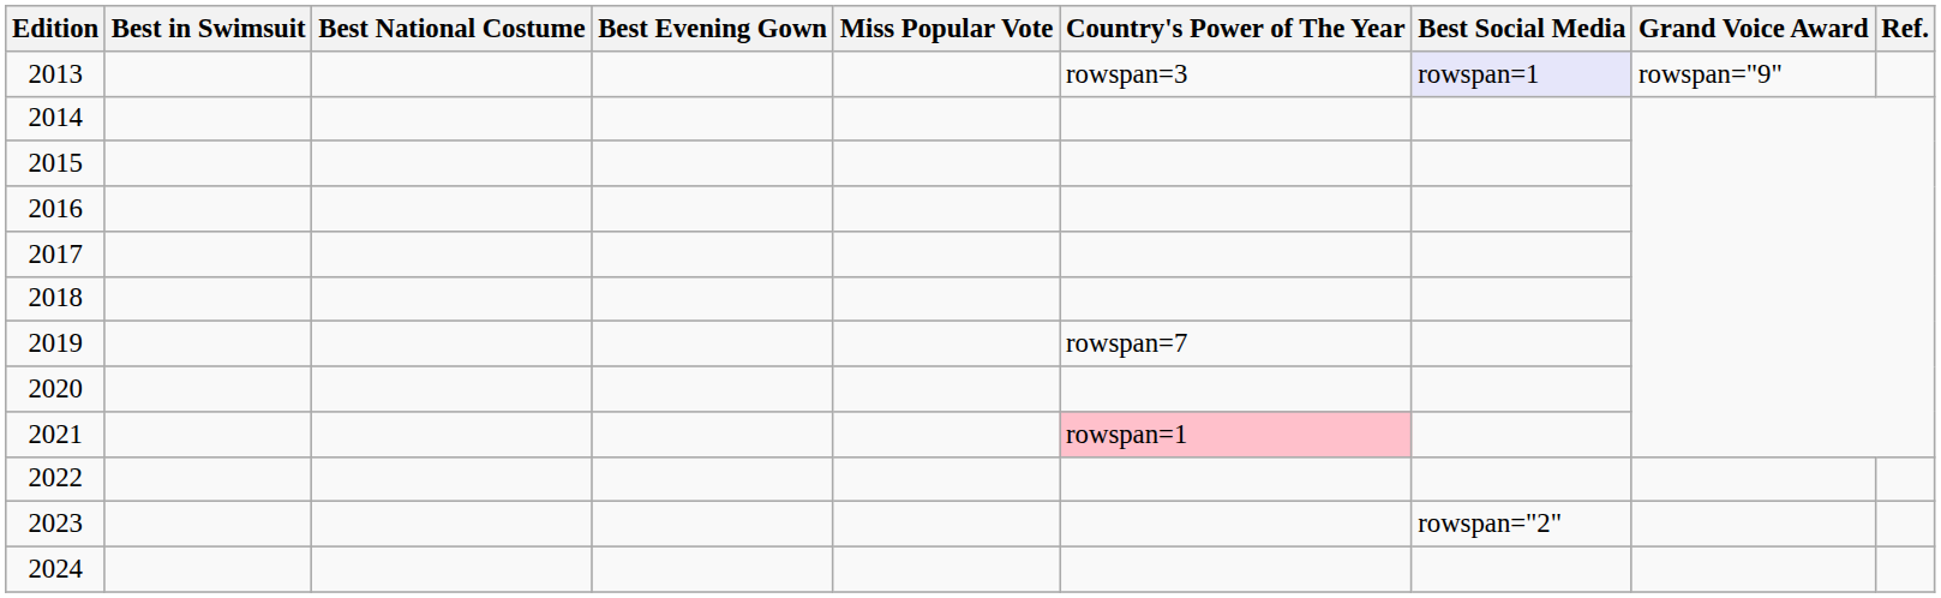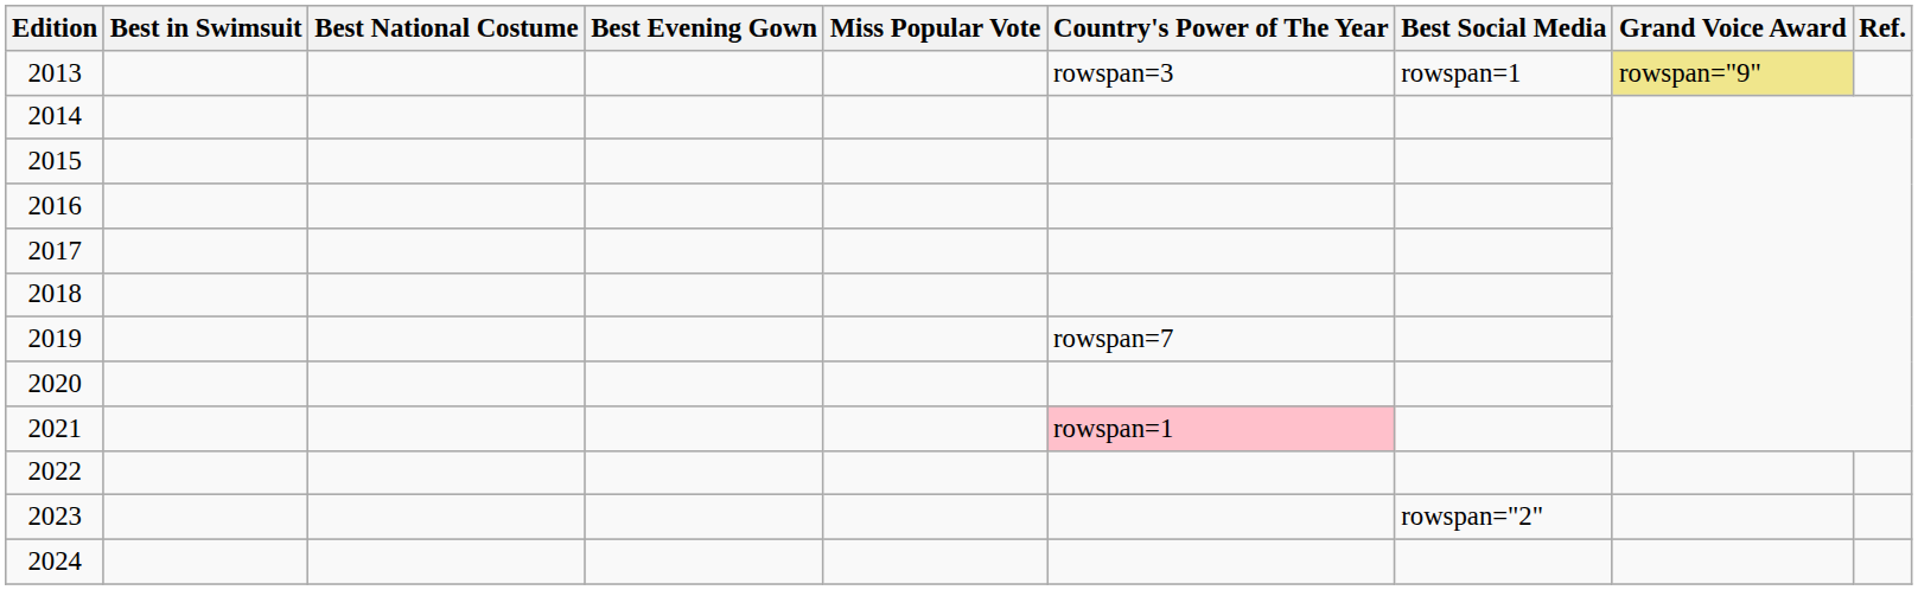 <table class="wikitable" style="font-size: 90%">
 <tr>
 <th>Edition</th>
 <th>Best in Swimsuit</th>
 <th>Best National Costume</th>
 <th>Best Evening Gown</th>
 <th>Miss Popular Vote</th>
 <th>Country's Power of The Year</th>
 <th>Best Social Media</th>
 <th>Grand Voice Award</th>
 <th>Ref.</th>
 </tr>
 <tr>
 <td align="center">2013</td>
 <td></td>
 <td></td>
 <td></td>
 <td></td>
 <td>rowspan=3 </td>
-<td style="background: lavender;">rowspan=1 </td>
-<td>rowspan="9" </td>
+<td>rowspan=1 </td>
+<td style="background: khaki;">rowspan="9" </td>
 <td></td>
 </tr>
 <tr>
 <td align="center">2014</td>
 <td></td>
 <td></td>
 <td></td>
 <td></td>
 <td></td>
 <td></td>
 </tr>
 <tr>
 <td align="center">2015</td>
 <td></td>
 <td></td>
 <td></td>
 <td></td>
 <td></td>
 <td></td>
 </tr>
 <tr>
 <td align="center">2016</td>
 <td></td>
 <td></td>
 <td></td>
 <td></td>
 <td></td>
 <td></td>
 </tr>
 <tr>
 <td align="center">2017</td>
 <td></td>
 <td></td>
 <td></td>
 <td></td>
 <td></td>
 <td></td>
 </tr>
 <tr>
 <td align="center">2018</td>
 <td></td>
 <td></td>
 <td></td>
 <td></td>
 <td></td>
 <td></td>
 </tr>
 <tr>
 <td align="center">2019</td>
 <td></td>
 <td></td>
 <td></td>
 <td></td>
 <td>rowspan=7 </td>
 <td></td>
 </tr>
 <tr>
 <td align="center">2020</td>
 <td></td>
 <td></td>
 <td></td>
 <td></td>
 <td></td>
 <td></td>
 </tr>
 <tr>
 <td align="center">2021</td>
 <td></td>
 <td></td>
 <td></td>
 <td></td>
 <td style="background: pink;">rowspan=1 </td>
 <td></td>
 </tr>
 <tr>
 <td align="center">2022</td>
 <td></td>
 <td></td>
 <td></td>
 <td></td>
 <td></td>
 <td></td>
 <td></td>
 <td></td>
 </tr>
 <tr>
 <td align="center">2023</td>
 <td></td>
 <td></td>
 <td></td>
 <td></td>
 <td></td>
 <td>rowspan="2" </td>
 <td></td>
 <td></td>
 </tr>
 <tr>
 <td align="center">2024</td>
 <td></td>
 <td></td>
 <td></td>
 <td></td>
 <td></td>
 <td></td>
 <td></td>
 </tr>
 </table>
